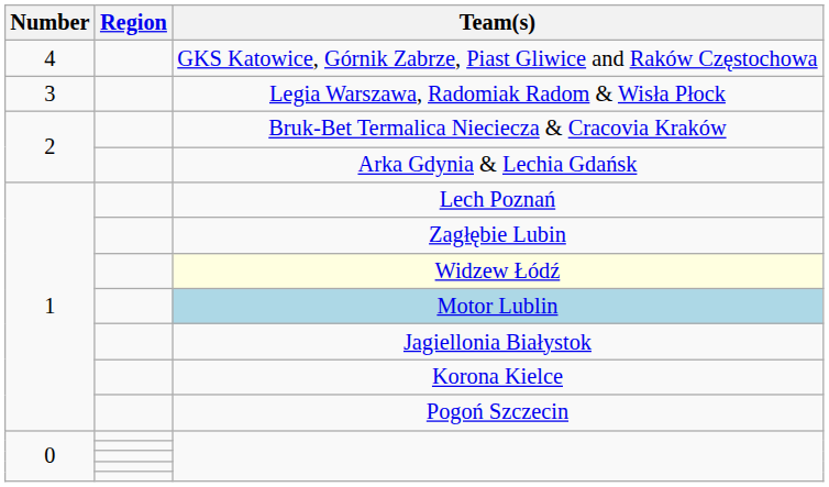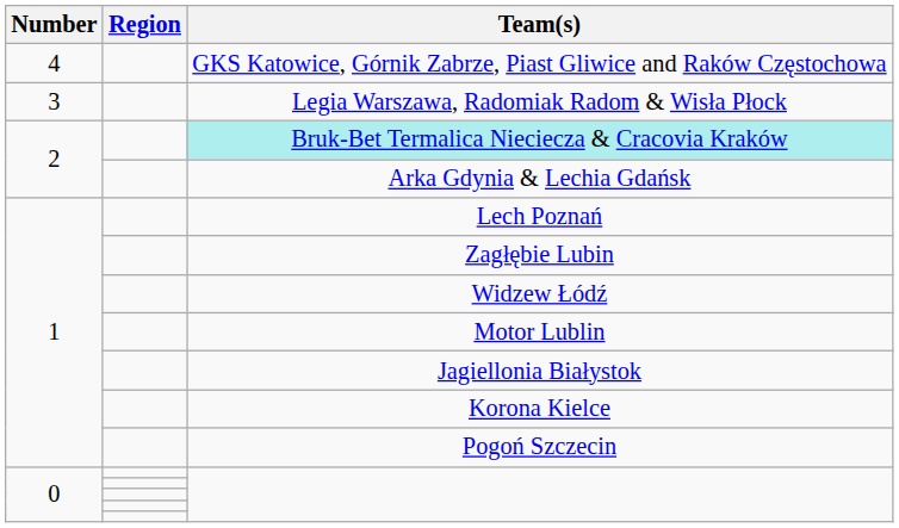 <table class="wikitable" style="text-align:center">
 <tr>
 <th>Number</th>
 <th><a href='#'>Region</a></th>
 <th>Team(s)</th>
 </tr>
 <tr>
 <td rowspan="1">4</td>
 <td style="text-align:left"></td>
 <td><a href='#'>GKS Katowice</a>, <a href='#'>Górnik Zabrze</a>, <a href='#'>Piast Gliwice</a> and <a href='#'>Raków Częstochowa</a></td>
 </tr>
 <tr>
 <td rowspan="1">3</td>
 <td style="text-align:left"></td>
 <td><a href='#'>Legia Warszawa</a>, <a href='#'>Radomiak Radom</a> & <a href='#'>Wisła Płock</a></td>
 </tr>
 <tr>
 <td rowspan="2">2</td>
 <td style="text-align:left"></td>
-<td><a href='#'>Bruk-Bet Termalica Nieciecza</a> & <a href='#'>Cracovia Kraków</a></td>
+<td style="background: paleturquoise;"><a href='#'>Bruk-Bet Termalica Nieciecza</a> & <a href='#'>Cracovia Kraków</a></td>
 </tr>
 <tr>
 <td style="text-align:left"></td>
 <td><a href='#'>Arka Gdynia</a> & <a href='#'>Lechia Gdańsk</a></td>
 </tr>
 <tr>
 <td rowspan="7">1</td>
 <td style="text-align:left"></td>
 <td><a href='#'>Lech Poznań</a></td>
 </tr>
 <tr>
 <td style="text-align:left"></td>
 <td><a href='#'>Zagłębie Lubin</a></td>
 </tr>
 <tr>
 <td style="text-align:left"></td>
-<td style="background: lightyellow;"><a href='#'>Widzew Łódź</a></td>
+<td><a href='#'>Widzew Łódź</a></td>
 </tr>
 <tr>
 <td style="text-align:left"></td>
-<td style="background: lightblue;"><a href='#'>Motor Lublin</a></td>
+<td><a href='#'>Motor Lublin</a></td>
 </tr>
 <tr>
 <td style="text-align:left"></td>
 <td><a href='#'>Jagiellonia Białystok</a></td>
 </tr>
 <tr>
 <td style="text-align:left"></td>
 <td><a href='#'>Korona Kielce</a></td>
 </tr>
 <tr>
 <td style="text-align:left"></td>
 <td><a href='#'>Pogoń Szczecin</a></td>
 </tr>
 <tr>
 <td rowspan="5">0</td>
 <td style="text-align:left"></td>
 </tr>
 <tr>
 <td style="text-align:left"></td>
 </tr>
 <tr>
 <td style="text-align:left"></td>
 </tr>
 <tr>
 <td style="text-align:left"></td>
 </tr>
 <tr>
 <td style="text-align:left"></td>
 </tr>
 </table>
